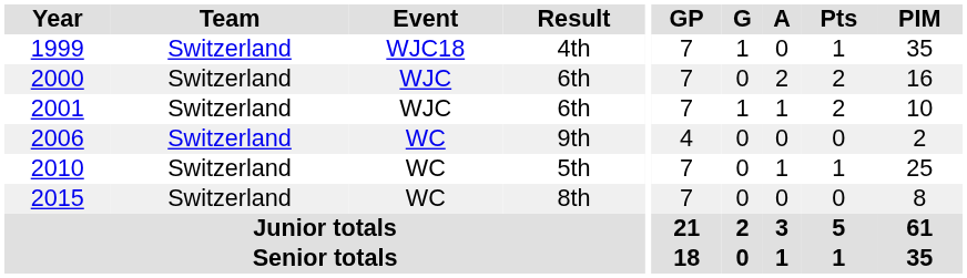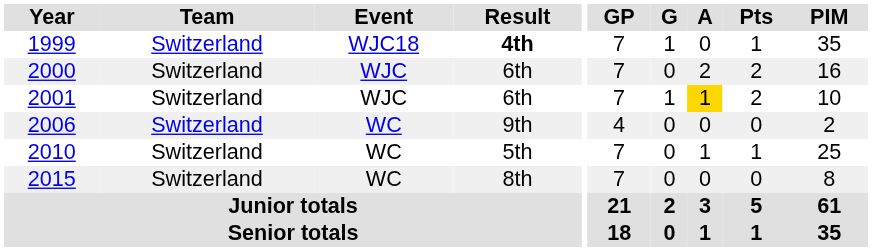 <table border="0" cellpadding="1" cellspacing="0" ID="Table3" style="text-align:center; width:40em">
 <tr ALIGN="center" bgcolor="#e0e0e0">
 <th>Year</th>
 <th>Team</th>
 <th>Event</th>
 <th>Result</th>
 <th rowspan="99" bgcolor="#ffffff"></th>
 <th>GP</th>
 <th>G</th>
 <th>A</th>
 <th>Pts</th>
 <th>PIM</th>
 </tr>
 <tr>
 <td><a href='#'>1999</a></td>
 <td><a href='#'>Switzerland</a></td>
 <td><a href='#'>WJC18</a></td>
-<td>4th</td>
+<td><strong>4th</strong></td>
 <td>7</td>
 <td>1</td>
 <td>0</td>
 <td>1</td>
 <td>35</td>
 </tr>
 <tr bgcolor="#f0f0f0">
 <td><a href='#'>2000</a></td>
 <td>Switzerland</td>
 <td><a href='#'>WJC</a></td>
 <td>6th</td>
 <td>7</td>
 <td>0</td>
 <td>2</td>
 <td>2</td>
 <td>16</td>
 </tr>
 <tr>
 <td><a href='#'>2001</a></td>
 <td>Switzerland</td>
 <td>WJC</td>
 <td>6th</td>
 <td>7</td>
 <td>1</td>
-<td>1</td>
+<td style="background: gold;">1</td>
 <td>2</td>
 <td>10</td>
 </tr>
 <tr bgcolor="#f0f0f0">
 <td><a href='#'>2006</a></td>
 <td><a href='#'>Switzerland</a></td>
 <td><a href='#'>WC</a></td>
 <td>9th</td>
 <td>4</td>
 <td>0</td>
 <td>0</td>
 <td>0</td>
 <td>2</td>
 </tr>
 <tr>
 <td><a href='#'>2010</a></td>
 <td>Switzerland</td>
 <td>WC</td>
 <td>5th</td>
 <td>7</td>
 <td>0</td>
 <td>1</td>
 <td>1</td>
 <td>25</td>
 </tr>
 <tr bgcolor="#f0f0f0">
 <td><a href='#'>2015</a></td>
 <td>Switzerland</td>
 <td>WC</td>
 <td>8th</td>
 <td>7</td>
 <td>0</td>
 <td>0</td>
 <td>0</td>
 <td>8</td>
 </tr>
 <tr bgcolor="#e0e0e0">
 <th colspan="4">Junior totals</th>
 <th>21</th>
 <th>2</th>
 <th>3</th>
 <th>5</th>
 <th>61</th>
 </tr>
 <tr bgcolor="#e0e0e0">
 <th colspan="4">Senior totals</th>
 <th>18</th>
 <th>0</th>
 <th>1</th>
 <th>1</th>
 <th>35</th>
 </tr>
 </table>
